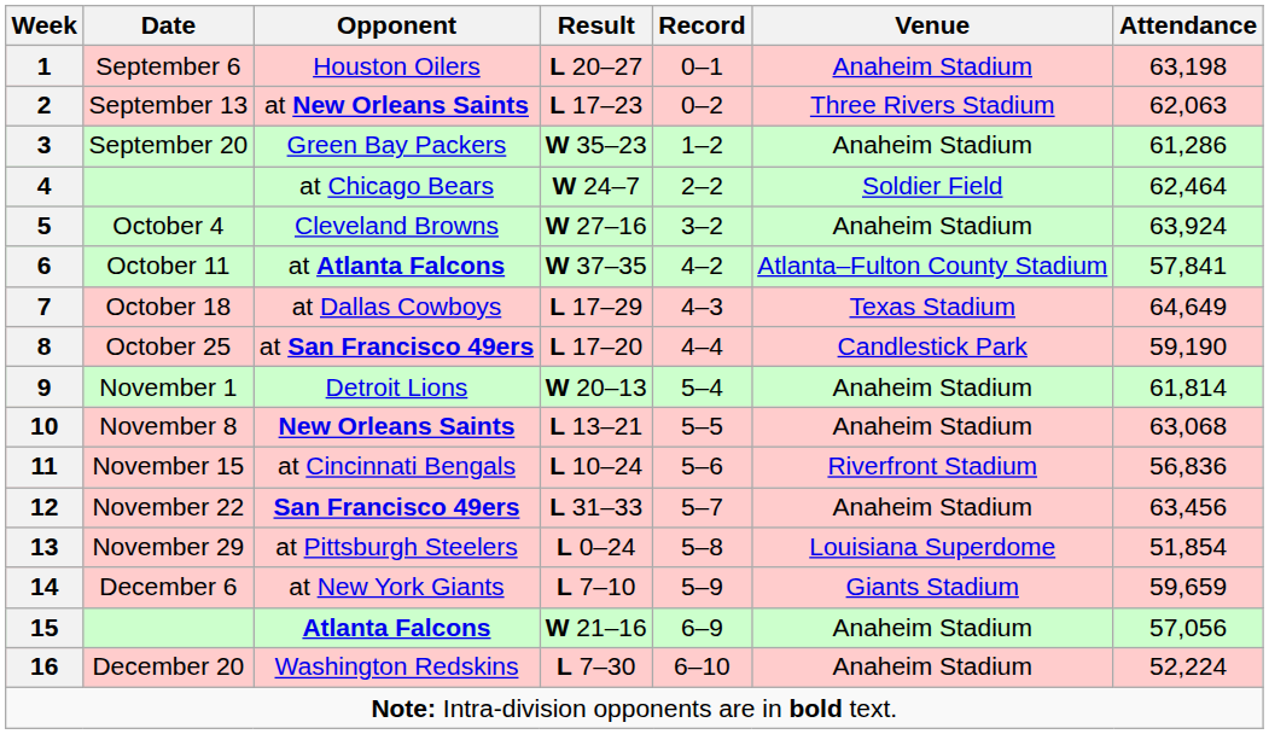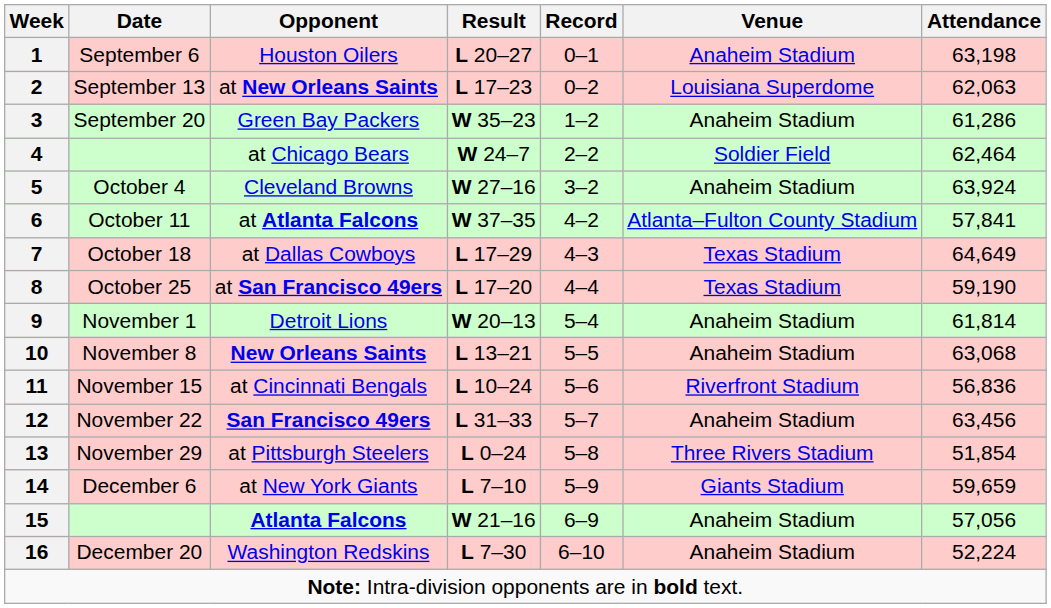 <table class="wikitable" style="text-align:center">
 <tr>
 <th>Week</th>
 <th>Date</th>
 <th>Opponent</th>
 <th>Result</th>
 <th>Record</th>
 <th>Venue</th>
 <th>Attendance</th>
 </tr>
 <tr style="background:#fcc">
 <th>1</th>
 <td>September 6</td>
 <td><a href='#'>Houston Oilers</a></td>
 <td><strong>L</strong> 20–27</td>
 <td>0–1</td>
 <td><a href='#'>Anaheim Stadium</a></td>
 <td>63,198</td>
 </tr>
 <tr style="background:#fcc">
 <th>2</th>
 <td>September 13</td>
 <td>at <strong><a href='#'>New Orleans Saints</a></strong></td>
 <td><strong>L</strong> 17–23</td>
 <td>0–2</td>
-<td><a href='#'>Three Rivers Stadium</a></td>
+<td><a href='#'>Louisiana Superdome</a></td>
 <td>62,063</td>
 </tr>
 <tr style="background:#cfc">
 <th>3</th>
 <td>September 20</td>
 <td><a href='#'>Green Bay Packers</a></td>
 <td><strong>W</strong> 35–23</td>
 <td>1–2</td>
 <td>Anaheim Stadium</td>
 <td>61,286</td>
 </tr>
 <tr style="background:#cfc">
 <th>4</th>
 <td></td>
 <td>at <a href='#'>Chicago Bears</a></td>
 <td><strong>W</strong> 24–7</td>
 <td>2–2</td>
 <td><a href='#'>Soldier Field</a></td>
 <td>62,464</td>
 </tr>
 <tr style="background:#cfc">
 <th>5</th>
 <td>October 4</td>
 <td><a href='#'>Cleveland Browns</a></td>
 <td><strong>W</strong> 27–16</td>
 <td>3–2</td>
 <td>Anaheim Stadium</td>
 <td>63,924</td>
 </tr>
 <tr style="background:#cfc">
 <th>6</th>
 <td>October 11</td>
 <td>at <strong><a href='#'>Atlanta Falcons</a></strong></td>
 <td><strong>W</strong> 37–35</td>
 <td>4–2</td>
 <td><a href='#'>Atlanta–Fulton County Stadium</a></td>
 <td>57,841</td>
 </tr>
 <tr style="background:#fcc">
 <th>7</th>
 <td>October 18</td>
 <td>at <a href='#'>Dallas Cowboys</a></td>
 <td><strong>L</strong> 17–29</td>
 <td>4–3</td>
 <td><a href='#'>Texas Stadium</a></td>
 <td>64,649</td>
 </tr>
 <tr style="background:#fcc">
 <th>8</th>
 <td>October 25</td>
 <td>at <strong><a href='#'>San Francisco 49ers</a></strong></td>
 <td><strong>L</strong> 17–20</td>
 <td>4–4</td>
-<td><a href='#'>Candlestick Park</a></td>
+<td><a href='#'>Texas Stadium</a></td>
 <td>59,190</td>
 </tr>
 <tr style="background:#cfc">
 <th>9</th>
 <td>November 1</td>
 <td><a href='#'>Detroit Lions</a></td>
 <td><strong>W</strong> 20–13</td>
 <td>5–4</td>
 <td>Anaheim Stadium</td>
 <td>61,814</td>
 </tr>
 <tr style="background:#fcc">
 <th>10</th>
 <td>November 8</td>
 <td><strong><a href='#'>New Orleans Saints</a></strong></td>
 <td><strong>L</strong> 13–21</td>
 <td>5–5</td>
 <td>Anaheim Stadium</td>
 <td>63,068</td>
 </tr>
 <tr style="background:#fcc">
 <th>11</th>
 <td>November 15</td>
 <td>at <a href='#'>Cincinnati Bengals</a></td>
 <td><strong>L</strong> 10–24</td>
 <td>5–6</td>
 <td><a href='#'>Riverfront Stadium</a></td>
 <td>56,836</td>
 </tr>
 <tr style="background:#fcc">
 <th>12</th>
 <td>November 22</td>
 <td><strong><a href='#'>San Francisco 49ers</a></strong></td>
 <td><strong>L</strong> 31–33</td>
 <td>5–7</td>
 <td>Anaheim Stadium</td>
 <td>63,456</td>
 </tr>
 <tr style="background:#fcc">
 <th>13</th>
 <td>November 29</td>
 <td>at <a href='#'>Pittsburgh Steelers</a></td>
 <td><strong>L</strong> 0–24</td>
 <td>5–8</td>
-<td><a href='#'>Louisiana Superdome</a></td>
+<td><a href='#'>Three Rivers Stadium</a></td>
 <td>51,854</td>
 </tr>
 <tr style="background:#fcc">
 <th>14</th>
 <td>December 6</td>
 <td>at <a href='#'>New York Giants</a></td>
 <td><strong>L</strong> 7–10</td>
 <td>5–9</td>
 <td><a href='#'>Giants Stadium</a></td>
 <td>59,659</td>
 </tr>
 <tr style="background:#cfc">
 <th>15</th>
 <td></td>
 <td><strong><a href='#'>Atlanta Falcons</a></strong></td>
 <td><strong>W</strong> 21–16</td>
 <td>6–9</td>
 <td>Anaheim Stadium</td>
 <td>57,056</td>
 </tr>
 <tr style="background:#fcc">
 <th>16</th>
 <td>December 20</td>
 <td><a href='#'>Washington Redskins</a></td>
 <td><strong>L</strong> 7–30</td>
 <td>6–10</td>
 <td>Anaheim Stadium</td>
 <td>52,224</td>
 </tr>
 <tr>
 <td colspan="8"><strong>Note:</strong> Intra-division opponents are in <strong>bold</strong> text.</td>
 </tr>
 </table>
